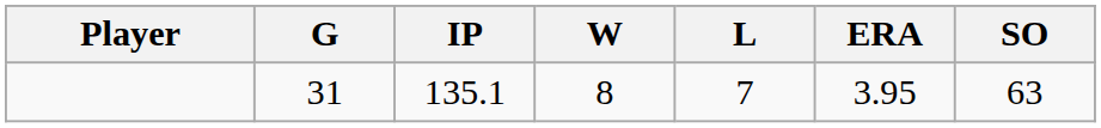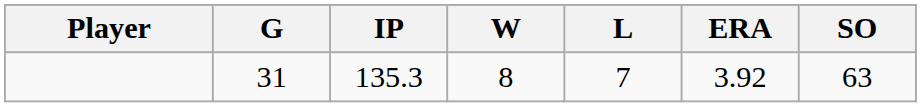 <table class="wikitable sortable">
 <tr>
 <th bgcolor="#DDDDFF" width="16%">Player</th>
 <th bgcolor="#DDDDFF" width="9%">G</th>
 <th bgcolor="#DDDDFF" width="9%">IP</th>
 <th bgcolor="#DDDDFF" width="9%">W</th>
 <th bgcolor="#DDDDFF" width="9%">L</th>
 <th bgcolor="#DDDDFF" width="9%">ERA</th>
 <th bgcolor="#DDDDFF" width="9%">SO</th>
 </tr>
 <tr align="center">
 <td></td>
 <td>31</td>
-<td>135.1</td>
+<td>135.3</td>
 <td>8</td>
 <td>7</td>
-<td>3.95</td>
+<td>3.92</td>
 <td>63</td>
 </tr>
 </table>
